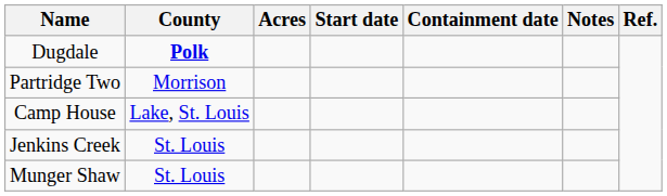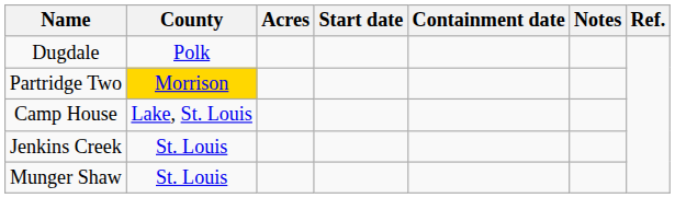 <table class="wikitable sortable plainrowheaders mw-collapsible" style="text-align:center;">
 <tr>
 <th scope="col">Name</th>
 <th scope="col">County </th>
 <th scope="col">Acres</th>
 <th scope="col">Start date</th>
 <th scope="col">Containment date</th>
 <th scope="col">Notes</th>
 <th scope="col">Ref.</th>
 </tr>
 <tr>
 <td>Dugdale</td>
-<td><strong><a href='#'>Polk</a></strong></td>
+<td><a href='#'>Polk</a></td>
 <td></td>
 <td></td>
 <td></td>
 <td></td>
 </tr>
 <tr>
 <td>Partridge Two</td>
-<td><a href='#'>Morrison</a></td>
+<td style="background: gold;"><a href='#'>Morrison</a></td>
 <td></td>
 <td></td>
 <td></td>
 <td></td>
 </tr>
 <tr>
 <td>Camp House</td>
 <td><a href='#'>Lake</a>, <a href='#'>St. Louis</a></td>
 <td></td>
 <td></td>
 <td></td>
 <td></td>
 </tr>
 <tr>
 <td>Jenkins Creek</td>
 <td><a href='#'>St. Louis</a></td>
 <td></td>
 <td></td>
 <td></td>
 <td></td>
 </tr>
 <tr>
 <td>Munger Shaw</td>
 <td><a href='#'>St. Louis</a></td>
 <td></td>
 <td></td>
 <td></td>
 <td></td>
 </tr>
 </table>
